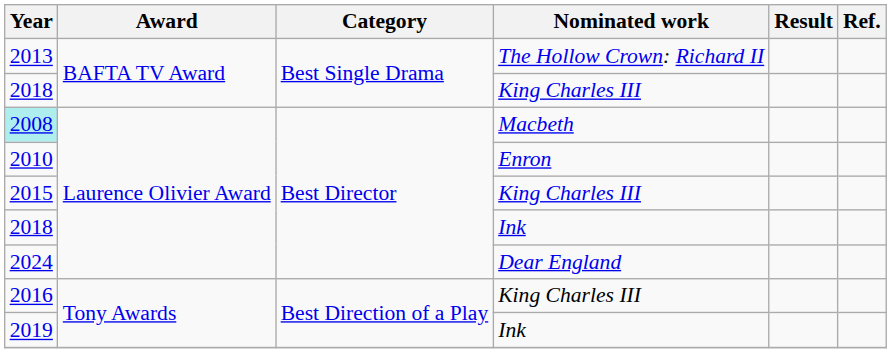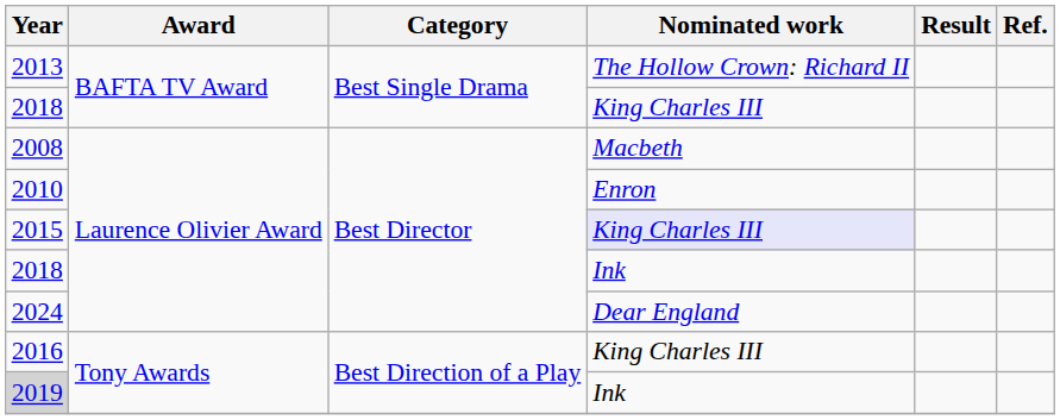 <table class = "wikitable unsortable">
 <tr>
 <th>Year</th>
 <th>Award</th>
 <th>Category</th>
 <th>Nominated work</th>
 <th>Result</th>
 <th>Ref.</th>
 </tr>
 <tr>
 <td><a href='#'>2013</a></td>
 <td rowspan=2><a href='#'>BAFTA TV Award</a></td>
 <td rowspan=2><a href='#'>Best Single Drama</a></td>
 <td><em><a href='#'>The Hollow Crown</a>: <a href='#'>Richard II</a></em></td>
 <td></td>
 <td></td>
 </tr>
 <tr>
 <td><a href='#'>2018</a></td>
 <td><em><a href='#'>King Charles III</a></em></td>
 <td></td>
 <td></td>
 </tr>
 <tr>
-<td style="background: paleturquoise;"><a href='#'>2008</a></td>
+<td><a href='#'>2008</a></td>
 <td rowspan=5><a href='#'>Laurence Olivier Award</a></td>
 <td rowspan=5><a href='#'>Best Director</a></td>
 <td><em><a href='#'>Macbeth</a></em></td>
 <td></td>
 <td></td>
 </tr>
 <tr>
 <td><a href='#'>2010</a></td>
 <td><em><a href='#'>Enron</a></em></td>
 <td></td>
 <td></td>
 </tr>
 <tr>
 <td><a href='#'>2015</a></td>
-<td><em><a href='#'>King Charles III</a></em></td>
+<td style="background: lavender;"><em><a href='#'>King Charles III</a></em></td>
 <td></td>
 <td></td>
 </tr>
 <tr>
 <td><a href='#'>2018</a></td>
 <td><em><a href='#'>Ink</a></em></td>
 <td></td>
 <td></td>
 </tr>
 <tr>
 <td><a href='#'>2024</a></td>
 <td><em><a href='#'>Dear England</a></em></td>
 <td></td>
 <td></td>
 </tr>
 <tr>
 <td><a href='#'>2016</a></td>
 <td rowspan=2><a href='#'>Tony Awards</a></td>
 <td rowspan=2><a href='#'>Best Direction of a Play</a></td>
 <td><em>King Charles III</em></td>
 <td></td>
 <td></td>
 </tr>
 <tr>
-<td><a href='#'>2019</a></td>
+<td style="background: lightgrey;"><a href='#'>2019</a></td>
 <td><em>Ink</em></td>
 <td></td>
 <td></td>
 </tr>
 <tr>
 </tr>
 </table>
